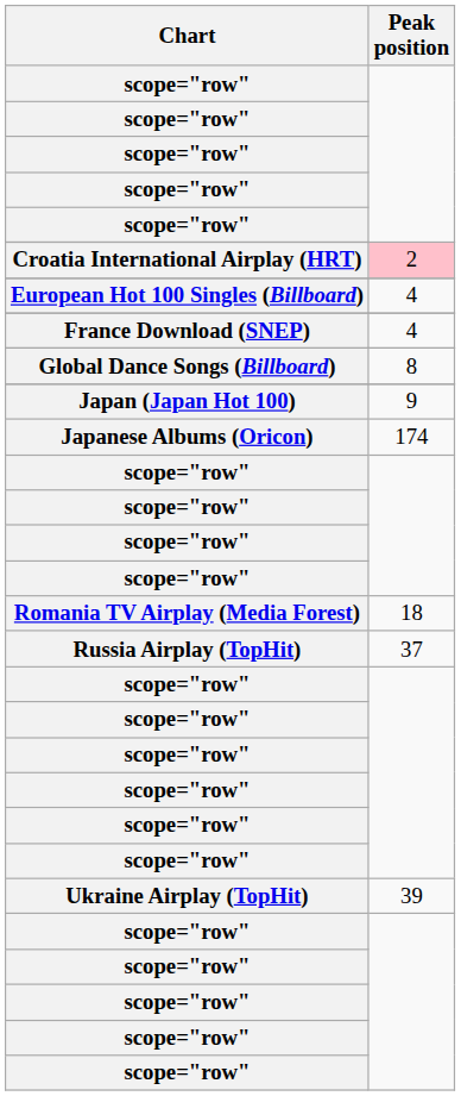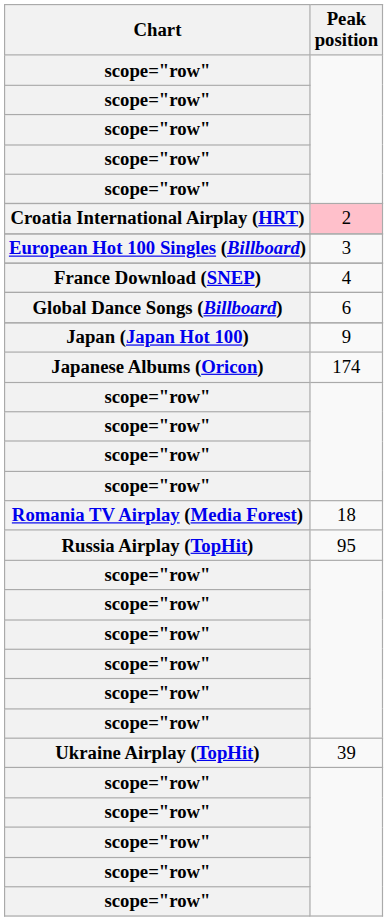 <table class="wikitable sortable plainrowheaders" style="text-align:center">
 <tr>
 <th scope="col">Chart</th>
 <th scope="col">Peak<br>position</th>
 </tr>
 <tr>
 <th>scope="row" </th>
 </tr>
 <tr>
 <th>scope="row" </th>
 </tr>
 <tr>
 <th>scope="row" </th>
 </tr>
 <tr>
 <th>scope="row" </th>
 </tr>
 <tr>
 <th>scope="row" </th>
 </tr>
 <tr>
 </tr>
 <tr>
 </tr>
 <tr>
 <th scope="row">Croatia International Airplay (<a href='#'>HRT</a>)</th>
 <td style="background: pink;">2</td>
 </tr>
 <tr>
 </tr>
 <tr>
 </tr>
 <tr>
 <th scope="row"><a href='#'>European Hot 100 Singles</a> (<em><a href='#'>Billboard</a></em>)</th>
-<td>4</td>
+<td>3</td>
 </tr>
 <tr>
 </tr>
 <tr>
 <th scope="row">France Download (<a href='#'>SNEP</a>)</th>
 <td>4</td>
 </tr>
 <tr>
 </tr>
 <tr>
 <th scope="row">Global Dance Songs (<em><a href='#'>Billboard</a></em>)</th>
-<td>8</td>
+<td>6</td>
 </tr>
 <tr>
 </tr>
 <tr>
 </tr>
 <tr>
 </tr>
 <tr>
 <th scope="row">Japan (<a href='#'>Japan Hot 100</a>)</th>
 <td>9</td>
 </tr>
 <tr>
 <th scope="row">Japanese Albums (<a href='#'>Oricon</a>)</th>
 <td>174</td>
 </tr>
 <tr>
 <th>scope="row" </th>
 </tr>
 <tr>
 <th>scope="row" </th>
 </tr>
 <tr>
 <th>scope="row" </th>
 </tr>
 <tr>
 <th>scope="row" </th>
 </tr>
 <tr>
 <th scope="row"><a href='#'>Romania TV Airplay</a> (<a href='#'>Media Forest</a>)</th>
 <td>18</td>
 </tr>
 <tr>
 <th scope="row">Russia Airplay (<a href='#'>TopHit</a>)</th>
-<td>37</td>
+<td>95</td>
 </tr>
 <tr>
 <th>scope="row" </th>
 </tr>
 <tr>
 <th>scope="row" </th>
 </tr>
 <tr>
 <th>scope="row" </th>
 </tr>
 <tr>
 <th>scope="row" </th>
 </tr>
 <tr>
 <th>scope="row" </th>
 </tr>
 <tr>
 <th>scope="row" </th>
 </tr>
 <tr>
 <th scope="row">Ukraine Airplay (<a href='#'>TopHit</a>)</th>
 <td>39</td>
 </tr>
 <tr>
 <th>scope="row" </th>
 </tr>
 <tr>
 <th>scope="row" </th>
 </tr>
 <tr>
 <th>scope="row" </th>
 </tr>
 <tr>
 <th>scope="row" </th>
 </tr>
 <tr>
 <th>scope="row" </th>
 </tr>
 </table>
